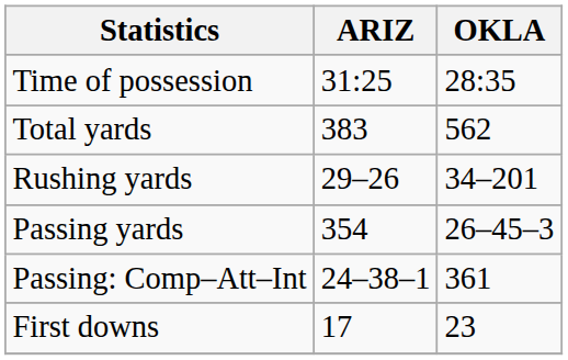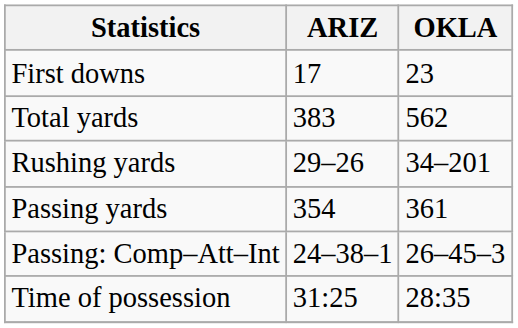 <table class="wikitable" style="float: left;">
 <tr>
 <th>Statistics</th>
 <th>ARIZ</th>
 <th>OKLA</th>
 </tr>
 <tr>
-<td>Time of possession</td>
-<td>31:25</td>
-<td>28:35</td>
+<td>First downs</td>
+<td>17</td>
+<td>23</td>
 </tr>
 <tr>
 <td>Total yards</td>
 <td>383</td>
 <td>562</td>
 </tr>
 <tr>
 <td>Rushing yards</td>
 <td>29–26</td>
 <td>34–201</td>
 </tr>
 <tr>
 <td>Passing yards</td>
 <td>354</td>
-<td>26–45–3</td>
+<td>361</td>
 </tr>
 <tr>
 <td>Passing: Comp–Att–Int</td>
 <td>24–38–1</td>
-<td>361</td>
+<td>26–45–3</td>
 </tr>
 <tr>
-<td>First downs</td>
-<td>17</td>
-<td>23</td>
+<td>Time of possession</td>
+<td>31:25</td>
+<td>28:35</td>
 </tr>
 <tr>
 </tr>
 </table>
